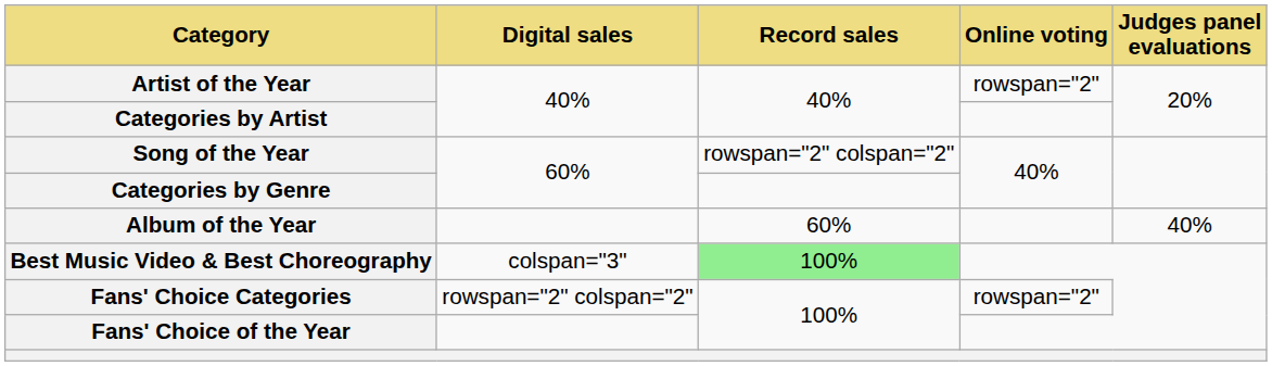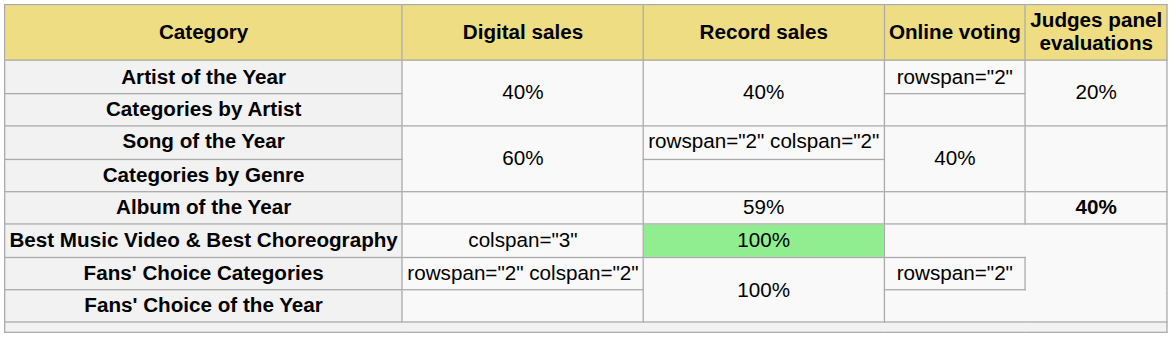 <table class="wikitable" style="text-align:center">
 <tr>
 <th scope="col" style="background-color:#EEDD82">Category</th>
 <th scope="col" style="background-color:#EEDD82">Digital sales<br></th>
 <th scope="col" style="background-color:#EEDD82">Record sales</th>
 <th scope="col" style="background-color:#EEDD82">Online voting</th>
 <th scope="col" style="background-color:#EEDD82">Judges panel<br>evaluations</th>
 </tr>
 <tr>
 <th scope="col">Artist of the Year</th>
 <td rowspan="2">40%<br></td>
 <td rowspan="2">40%</td>
 <td>rowspan="2" </td>
 <td rowspan="2">20%</td>
 </tr>
 <tr>
 <th scope="col">Categories by Artist</th>
 </tr>
 <tr>
 <th scope="col">Song of the Year</th>
 <td rowspan="2">60%<br></td>
 <td>rowspan="2" colspan="2" </td>
 <td rowspan="2">40%</td>
 </tr>
 <tr>
 <th scope="col">Categories by Genre</th>
 </tr>
 <tr>
 <th scope="col">Album of the Year</th>
 <td></td>
-<td>60%</td>
+<td>59%</td>
 <td></td>
-<td>40%</td>
+<td><strong>40%</strong></td>
 </tr>
 <tr>
 <th scope="col">Best Music Video & Best Choreography</th>
 <td>colspan="3" </td>
 <td style="background: lightgreen;">100%</td>
 </tr>
 <tr>
 <th scope="col">Fans' Choice Categories</th>
 <td>rowspan="2" colspan="2" </td>
 <td rowspan="2">100%<br></td>
 <td>rowspan="2" </td>
 </tr>
 <tr>
 <th scope="col">Fans' Choice of the Year</th>
 </tr>
 <tr>
 <th colspan="5"></th>
 </tr>
 </table>
